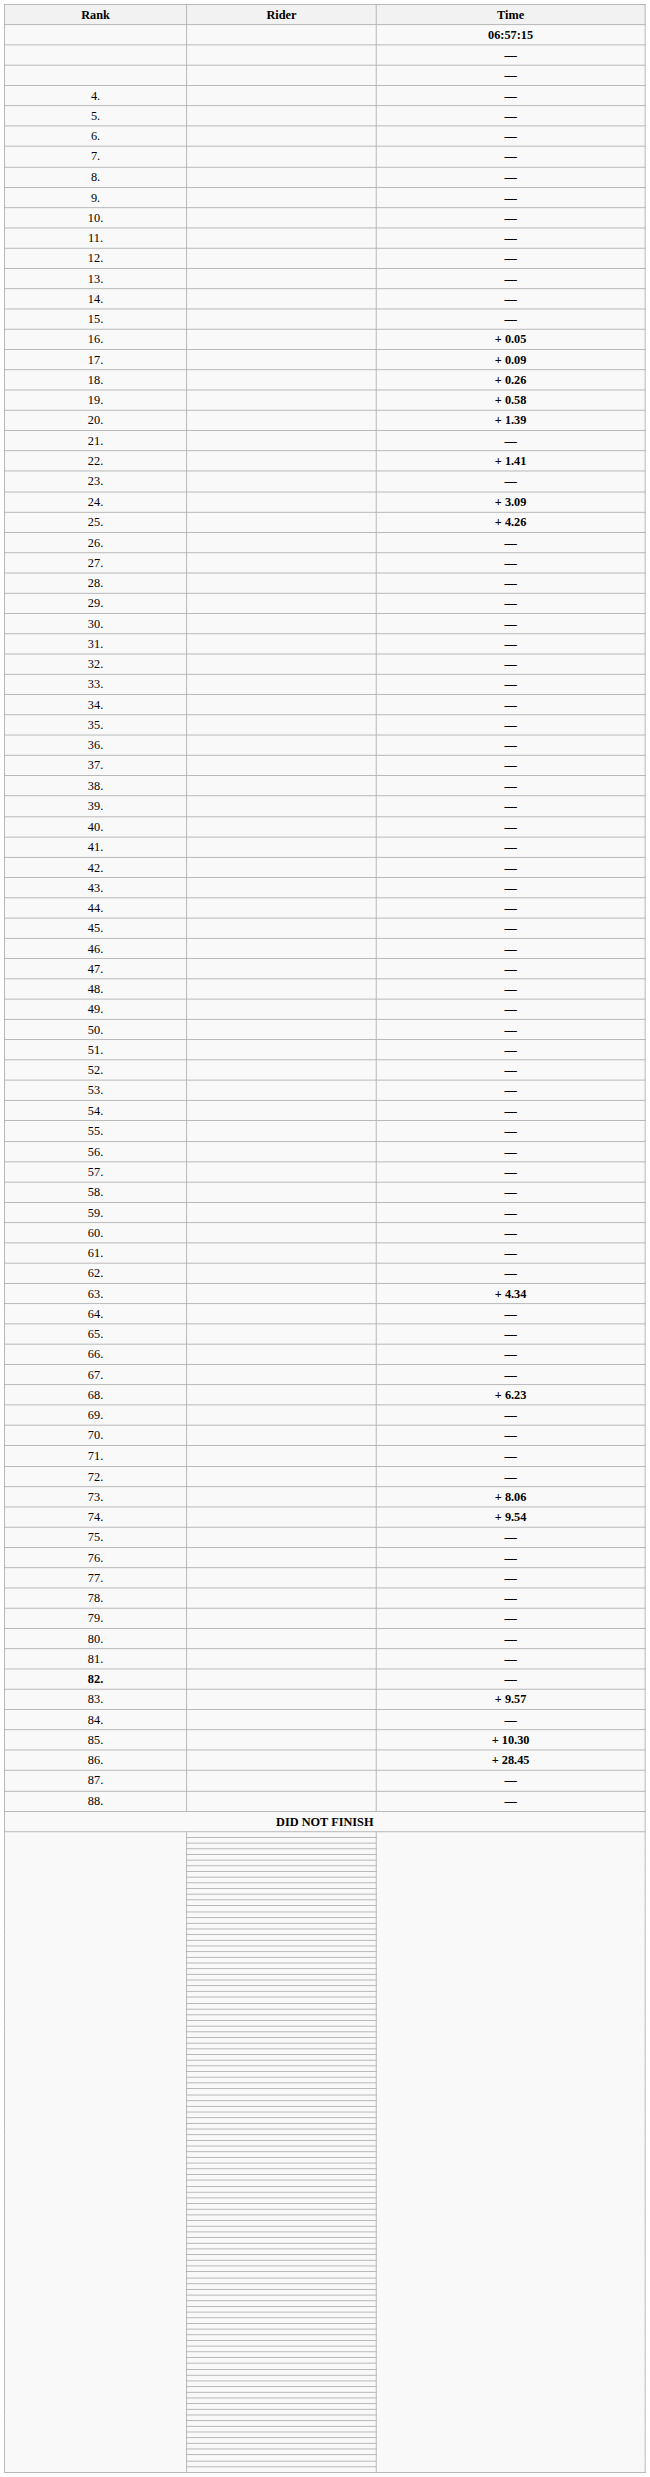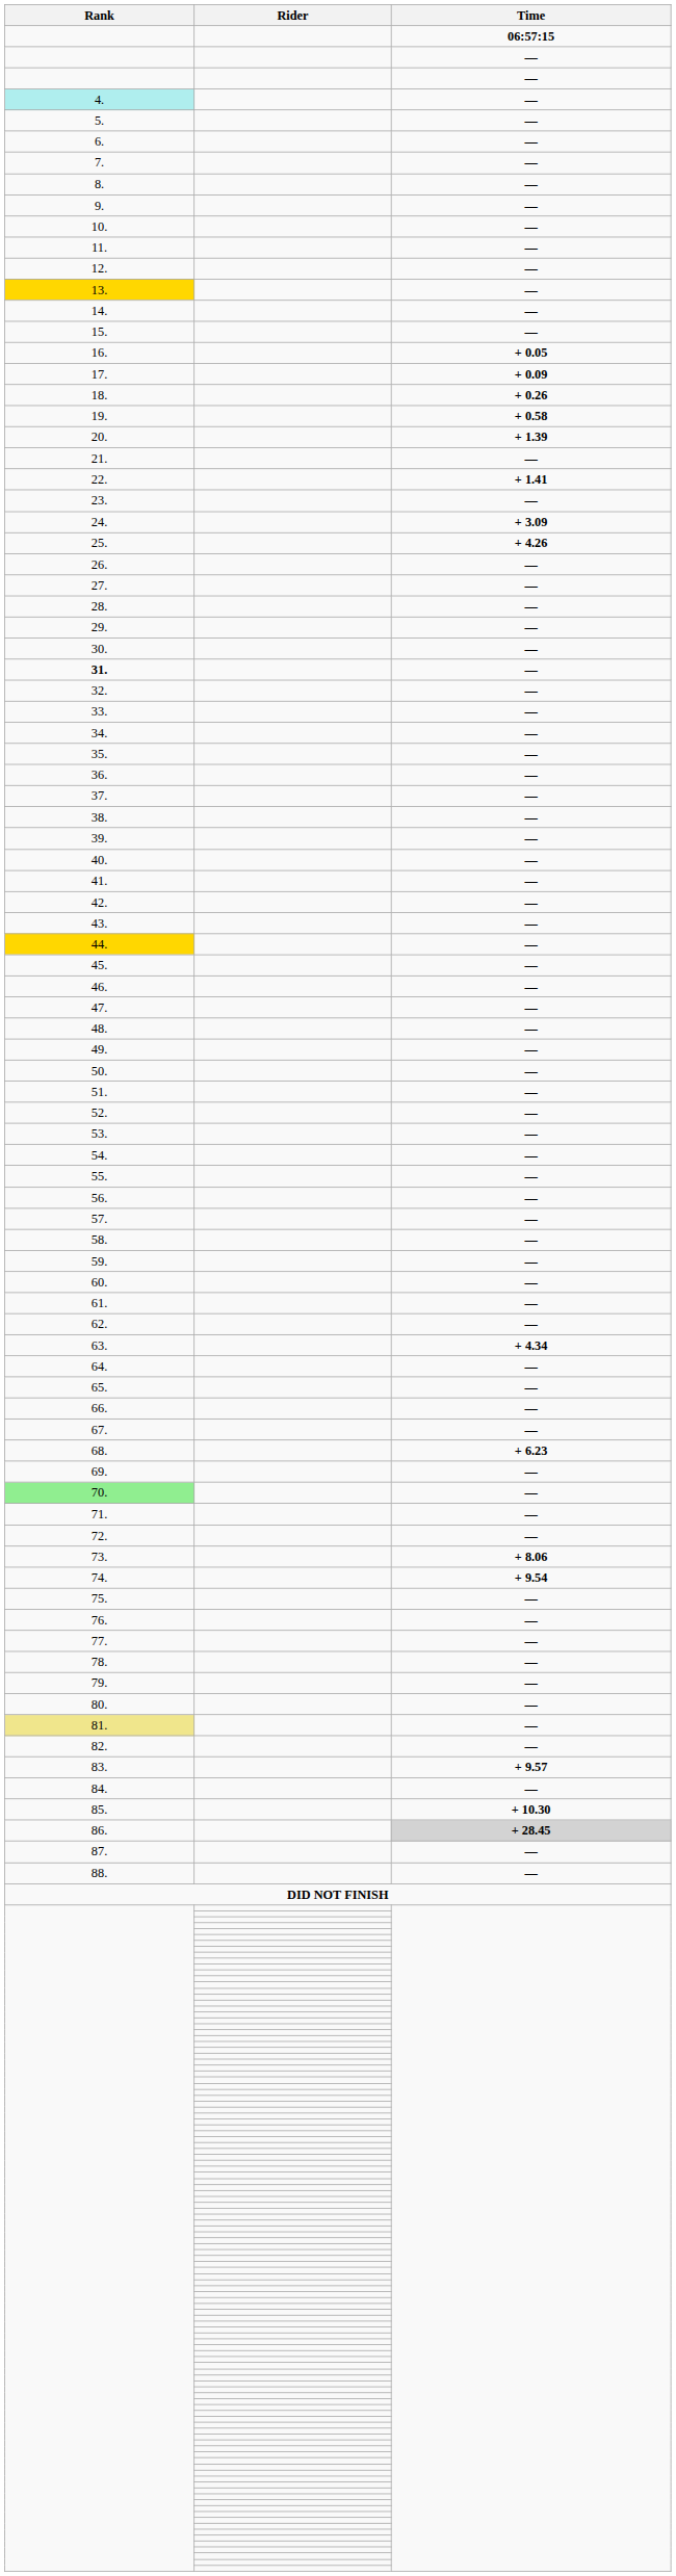 <table class=wikitable style="font-size:95%" width="50%">
 <tr>
 <th>Rank</th>
 <th>Rider</th>
 <th>Time</th>
 </tr>
 <tr>
 <td align="center"></td>
 <td></td>
 <td align="center"><strong>06:57:15</strong></td>
 </tr>
 <tr>
 <td align="center"></td>
 <td></td>
 <td align="center"><strong>—</strong></td>
 </tr>
 <tr>
 <td align="center"></td>
 <td></td>
 <td align="center"><strong>—</strong></td>
 </tr>
 <tr>
-<td align="center">4.</td>
+<td align="center" style="background: paleturquoise;">4.</td>
 <td></td>
 <td align="center"><strong>—</strong></td>
 </tr>
 <tr>
 <td align="center">5.</td>
 <td></td>
 <td align="center"><strong>—</strong></td>
 </tr>
 <tr>
 <td align="center">6.</td>
 <td></td>
 <td align="center"><strong>—</strong></td>
 </tr>
 <tr>
 <td align="center">7.</td>
 <td></td>
 <td align="center"><strong>—</strong></td>
 </tr>
 <tr>
 <td align="center">8.</td>
 <td></td>
 <td align="center"><strong>—</strong></td>
 </tr>
 <tr>
 <td align="center">9.</td>
 <td></td>
 <td align="center"><strong>—</strong></td>
 </tr>
 <tr>
 <td align="center">10.</td>
 <td></td>
 <td align="center"><strong>—</strong></td>
 </tr>
 <tr>
 <td align="center">11.</td>
 <td></td>
 <td align="center"><strong>—</strong></td>
 </tr>
 <tr>
 <td align="center">12.</td>
 <td></td>
 <td align="center"><strong>—</strong></td>
 </tr>
 <tr>
-<td align="center">13.</td>
+<td align="center" style="background: gold;">13.</td>
 <td></td>
 <td align="center"><strong>—</strong></td>
 </tr>
 <tr>
 <td align="center">14.</td>
 <td></td>
 <td align="center"><strong>—</strong></td>
 </tr>
 <tr>
 <td align="center">15.</td>
 <td></td>
 <td align="center"><strong>—</strong></td>
 </tr>
 <tr>
 <td align="center">16.</td>
 <td></td>
 <td align="center"><strong>+ 0.05</strong></td>
 </tr>
 <tr>
 <td align="center">17.</td>
 <td></td>
 <td align="center"><strong>+ 0.09</strong></td>
 </tr>
 <tr>
 <td align="center">18.</td>
 <td></td>
 <td align="center"><strong>+ 0.26</strong></td>
 </tr>
 <tr>
 <td align="center">19.</td>
 <td></td>
 <td align="center"><strong>+ 0.58</strong></td>
 </tr>
 <tr>
 <td align="center">20.</td>
 <td></td>
 <td align="center"><strong>+ 1.39</strong></td>
 </tr>
 <tr>
 <td align="center">21.</td>
 <td></td>
 <td align="center"><strong>—</strong></td>
 </tr>
 <tr>
 <td align="center">22.</td>
 <td></td>
 <td align="center"><strong>+ 1.41</strong></td>
 </tr>
 <tr>
 <td align="center">23.</td>
 <td></td>
 <td align="center"><strong>—</strong></td>
 </tr>
 <tr>
 <td align="center">24.</td>
 <td></td>
 <td align="center"><strong>+ 3.09</strong></td>
 </tr>
 <tr>
 <td align="center">25.</td>
 <td></td>
 <td align="center"><strong>+ 4.26</strong></td>
 </tr>
 <tr>
 <td align="center">26.</td>
 <td></td>
 <td align="center"><strong>—</strong></td>
 </tr>
 <tr>
 <td align="center">27.</td>
 <td></td>
 <td align="center"><strong>—</strong></td>
 </tr>
 <tr>
 <td align="center">28.</td>
 <td></td>
 <td align="center"><strong>—</strong></td>
 </tr>
 <tr>
 <td align="center">29.</td>
 <td></td>
 <td align="center"><strong>—</strong></td>
 </tr>
 <tr>
 <td align="center">30.</td>
 <td></td>
 <td align="center"><strong>—</strong></td>
 </tr>
 <tr>
-<td align="center">31.</td>
+<td align="center"><strong>31.</strong></td>
 <td></td>
 <td align="center"><strong>—</strong></td>
 </tr>
 <tr>
 <td align="center">32.</td>
 <td></td>
 <td align="center"><strong>—</strong></td>
 </tr>
 <tr>
 <td align="center">33.</td>
 <td></td>
 <td align="center"><strong>—</strong></td>
 </tr>
 <tr>
 <td align="center">34.</td>
 <td></td>
 <td align="center"><strong>—</strong></td>
 </tr>
 <tr>
 <td align="center">35.</td>
 <td></td>
 <td align="center"><strong>—</strong></td>
 </tr>
 <tr>
 <td align="center">36.</td>
 <td></td>
 <td align="center"><strong>—</strong></td>
 </tr>
 <tr>
 <td align="center">37.</td>
 <td></td>
 <td align="center"><strong>—</strong></td>
 </tr>
 <tr>
 <td align="center">38.</td>
 <td></td>
 <td align="center"><strong>—</strong></td>
 </tr>
 <tr>
 <td align="center">39.</td>
 <td></td>
 <td align="center"><strong>—</strong></td>
 </tr>
 <tr>
 <td align="center">40.</td>
 <td></td>
 <td align="center"><strong>—</strong></td>
 </tr>
 <tr>
 <td align="center">41.</td>
 <td></td>
 <td align="center"><strong>—            </strong></td>
 </tr>
 <tr>
 <td align="center">42.</td>
 <td></td>
 <td align="center"><strong>—            </strong></td>
 </tr>
 <tr>
 <td align="center">43.</td>
 <td></td>
 <td align="center"><strong>—          </strong></td>
 </tr>
 <tr>
-<td align="center">44.</td>
+<td align="center" style="background: gold;">44.</td>
 <td></td>
 <td align="center"><strong>—             </strong></td>
 </tr>
 <tr>
 <td align="center">45.</td>
 <td></td>
 <td align="center"><strong>—      </strong></td>
 </tr>
 <tr>
 <td align="center">46.</td>
 <td></td>
 <td align="center"><strong>—            </strong></td>
 </tr>
 <tr>
 <td align="center">47.</td>
 <td></td>
 <td align="center"><strong>—  </strong></td>
 </tr>
 <tr>
 <td align="center">48.</td>
 <td></td>
 <td align="center"><strong>—            </strong></td>
 </tr>
 <tr>
 <td align="center">49.</td>
 <td></td>
 <td align="center"><strong>—              </strong></td>
 </tr>
 <tr>
 <td align="center">50.</td>
 <td></td>
 <td align="center"><strong>—           </strong></td>
 </tr>
 <tr>
 <td align="center">51.</td>
 <td></td>
 <td align="center"><strong>—             </strong></td>
 </tr>
 <tr>
 <td align="center">52.</td>
 <td></td>
 <td align="center"><strong>—          </strong></td>
 </tr>
 <tr>
 <td align="center">53.</td>
 <td></td>
 <td align="center"><strong>—          </strong></td>
 </tr>
 <tr>
 <td align="center">54.</td>
 <td></td>
 <td align="center"><strong>—          </strong></td>
 </tr>
 <tr>
 <td align="center">55.</td>
 <td></td>
 <td align="center"><strong>—           </strong></td>
 </tr>
 <tr>
 <td align="center">56.</td>
 <td></td>
 <td align="center"><strong>—         </strong></td>
 </tr>
 <tr>
 <td align="center">57.</td>
 <td></td>
 <td align="center"><strong>—         </strong></td>
 </tr>
 <tr>
 <td align="center">58.</td>
 <td></td>
 <td align="center"><strong>—             </strong></td>
 </tr>
 <tr>
 <td align="center">59.</td>
 <td></td>
 <td align="center"><strong>—              </strong></td>
 </tr>
 <tr>
 <td align="center">60.</td>
 <td></td>
 <td align="center"><strong>—           </strong></td>
 </tr>
 <tr>
 <td align="center">61.</td>
 <td></td>
 <td align="center"><strong>—           </strong></td>
 </tr>
 <tr>
 <td align="center">62.</td>
 <td></td>
 <td align="center"><strong>—             </strong></td>
 </tr>
 <tr>
 <td align="center">63.</td>
 <td></td>
 <td align="center"><strong>+ 4.34</strong></td>
 </tr>
 <tr>
 <td align="center">64.</td>
 <td></td>
 <td align="center"><strong>—         </strong></td>
 </tr>
 <tr>
 <td align="center">65.</td>
 <td></td>
 <td align="center"><strong>—            </strong></td>
 </tr>
 <tr>
 <td align="center">66.</td>
 <td></td>
 <td align="center"><strong>—              </strong></td>
 </tr>
 <tr>
 <td align="center">67.</td>
 <td></td>
 <td align="center"><strong>—            </strong></td>
 </tr>
 <tr>
 <td align="center">68.</td>
 <td></td>
 <td align="center"><strong>+ 6.23</strong></td>
 </tr>
 <tr>
 <td align="center">69.</td>
 <td></td>
 <td align="center"><strong>—      </strong></td>
 </tr>
 <tr>
-<td align="center">70.</td>
+<td align="center" style="background: lightgreen;">70.</td>
 <td></td>
 <td align="center"><strong>—            </strong></td>
 </tr>
 <tr>
 <td align="center">71.</td>
 <td></td>
 <td align="center"><strong>—          </strong></td>
 </tr>
 <tr>
 <td align="center">72.</td>
 <td></td>
 <td align="center"><strong>—             </strong></td>
 </tr>
 <tr>
 <td align="center">73.</td>
 <td></td>
 <td align="center"><strong>+ 8.06</strong></td>
 </tr>
 <tr>
 <td align="center">74.</td>
 <td></td>
 <td align="center"><strong>+ 9.54</strong></td>
 </tr>
 <tr>
 <td align="center">75.</td>
 <td></td>
 <td align="center"><strong>—             </strong></td>
 </tr>
 <tr>
 <td align="center">76.</td>
 <td></td>
 <td align="center"><strong>—           </strong></td>
 </tr>
 <tr>
 <td align="center">77.</td>
 <td></td>
 <td align="center"><strong>—              </strong></td>
 </tr>
 <tr>
 <td align="center">78.</td>
 <td></td>
 <td align="center"><strong>—          </strong></td>
 </tr>
 <tr>
 <td align="center">79.</td>
 <td></td>
 <td align="center"><strong>—               </strong></td>
 </tr>
 <tr>
 <td align="center">80.</td>
 <td></td>
 <td align="center"><strong>—        </strong></td>
 </tr>
 <tr>
-<td align="center">81.</td>
+<td align="center" style="background: khaki;">81.</td>
 <td></td>
 <td align="center"><strong>—           </strong></td>
 </tr>
 <tr>
-<td align="center"><strong>82.</strong></td>
+<td align="center">82.</td>
 <td></td>
 <td align="center"><strong>—           </strong></td>
 </tr>
 <tr>
 <td align="center">83.</td>
 <td></td>
 <td align="center"><strong>+ 9.57</strong></td>
 </tr>
 <tr>
 <td align="center">84.</td>
 <td></td>
 <td align="center"><strong>—             </strong></td>
 </tr>
 <tr>
 <td align="center">85.</td>
 <td></td>
 <td align="center"><strong>+ 10.30</strong></td>
 </tr>
 <tr>
 <td align="center">86.</td>
 <td></td>
-<td align="center"><strong>+ 28.45</strong></td>
+<td align="center" style="background: lightgrey;"><strong>+ 28.45</strong></td>
 </tr>
 <tr>
 <td align="center">87.</td>
 <td></td>
 <td align="center"><strong>—            </strong></td>
 </tr>
 <tr>
 <td align="center">88.</td>
 <td></td>
 <td align="center"><strong>—          </strong></td>
 </tr>
 <tr>
 <td colspan=3 align="center"><strong>DID NOT FINISH</strong></td>
 </tr>
 <tr>
 <td rowspan=112 align="center"></td>
 <td></td>
 <td rowspan=112 align="center"></td>
 </tr>
 <tr>
 <td></td>
 </tr>
 <tr>
 <td></td>
 </tr>
 <tr>
 <td></td>
 </tr>
 <tr>
 <td></td>
 </tr>
 <tr>
 <td></td>
 </tr>
 <tr>
 <td></td>
 </tr>
 <tr>
 <td></td>
 </tr>
 <tr>
 <td></td>
 </tr>
 <tr>
 <td></td>
 </tr>
 <tr>
 <td></td>
 </tr>
 <tr>
 <td></td>
 </tr>
 <tr>
 <td></td>
 </tr>
 <tr>
 <td></td>
 </tr>
 <tr>
 <td></td>
 </tr>
 <tr>
 <td></td>
 </tr>
 <tr>
 <td></td>
 </tr>
 <tr>
 <td></td>
 </tr>
 <tr>
 <td></td>
 </tr>
 <tr>
 <td></td>
 </tr>
 <tr>
 <td></td>
 </tr>
 <tr>
 <td></td>
 </tr>
 <tr>
 <td></td>
 </tr>
 <tr>
 <td></td>
 </tr>
 <tr>
 <td></td>
 </tr>
 <tr>
 <td></td>
 </tr>
 <tr>
 <td></td>
 </tr>
 <tr>
 <td></td>
 </tr>
 <tr>
 <td></td>
 </tr>
 <tr>
 <td></td>
 </tr>
 <tr>
 <td></td>
 </tr>
 <tr>
 <td></td>
 </tr>
 <tr>
 <td></td>
 </tr>
 <tr>
 <td></td>
 </tr>
 <tr>
 <td></td>
 </tr>
 <tr>
 <td></td>
 </tr>
 <tr>
 <td></td>
 </tr>
 <tr>
 <td></td>
 </tr>
 <tr>
 <td></td>
 </tr>
 <tr>
 <td></td>
 </tr>
 <tr>
 <td></td>
 </tr>
 <tr>
 <td></td>
 </tr>
 <tr>
 <td></td>
 </tr>
 <tr>
 <td></td>
 </tr>
 <tr>
 <td></td>
 </tr>
 <tr>
 <td></td>
 </tr>
 <tr>
 <td></td>
 </tr>
 <tr>
 <td></td>
 </tr>
 <tr>
 <td></td>
 </tr>
 <tr>
 <td></td>
 </tr>
 <tr>
 <td></td>
 </tr>
 <tr>
 <td></td>
 </tr>
 <tr>
 <td></td>
 </tr>
 <tr>
 <td></td>
 </tr>
 <tr>
 <td></td>
 </tr>
 <tr>
 <td></td>
 </tr>
 <tr>
 <td></td>
 </tr>
 <tr>
 <td></td>
 </tr>
 <tr>
 <td></td>
 </tr>
 <tr>
 <td></td>
 </tr>
 <tr>
 <td></td>
 </tr>
 <tr>
 <td></td>
 </tr>
 <tr>
 <td></td>
 </tr>
 <tr>
 <td></td>
 </tr>
 <tr>
 <td></td>
 </tr>
 <tr>
 <td></td>
 </tr>
 <tr>
 <td></td>
 </tr>
 <tr>
 <td></td>
 </tr>
 <tr>
 <td></td>
 </tr>
 <tr>
 <td></td>
 </tr>
 <tr>
 <td></td>
 </tr>
 <tr>
 <td></td>
 </tr>
 <tr>
 <td></td>
 </tr>
 <tr>
 <td></td>
 </tr>
 <tr>
 <td></td>
 </tr>
 <tr>
 <td></td>
 </tr>
 <tr>
 <td></td>
 </tr>
 <tr>
 <td></td>
 </tr>
 <tr>
 <td></td>
 </tr>
 <tr>
 <td></td>
 </tr>
 <tr>
 <td></td>
 </tr>
 <tr>
 <td></td>
 </tr>
 <tr>
 <td></td>
 </tr>
 <tr>
 <td></td>
 </tr>
 <tr>
 <td></td>
 </tr>
 <tr>
 <td></td>
 </tr>
 <tr>
 <td></td>
 </tr>
 <tr>
 <td></td>
 </tr>
 <tr>
 <td></td>
 </tr>
 <tr>
 <td></td>
 </tr>
 <tr>
 <td></td>
 </tr>
 <tr>
 <td></td>
 </tr>
 <tr>
 <td></td>
 </tr>
 <tr>
 <td></td>
 </tr>
 <tr>
 <td></td>
 </tr>
 <tr>
 <td></td>
 </tr>
 <tr>
 <td></td>
 </tr>
 <tr>
 <td></td>
 </tr>
 <tr>
 <td></td>
 </tr>
 <tr>
 <td></td>
 </tr>
 <tr>
 <td></td>
 </tr>
 <tr>
 <td></td>
 </tr>
 <tr>
 <td></td>
 </tr>
 <tr>
 <td></td>
 </tr>
 <tr>
 <td></td>
 </tr>
 <tr>
 <td></td>
 </tr>
 <tr>
 <td></td>
 </tr>
 <tr>
 <td></td>
 </tr>
 <tr>
 <td></td>
 </tr>
 <tr>
 <td></td>
 </tr>
 <tr>
 <td></td>
 </tr>
 <tr>
 <td></td>
 </tr>
 </table>
